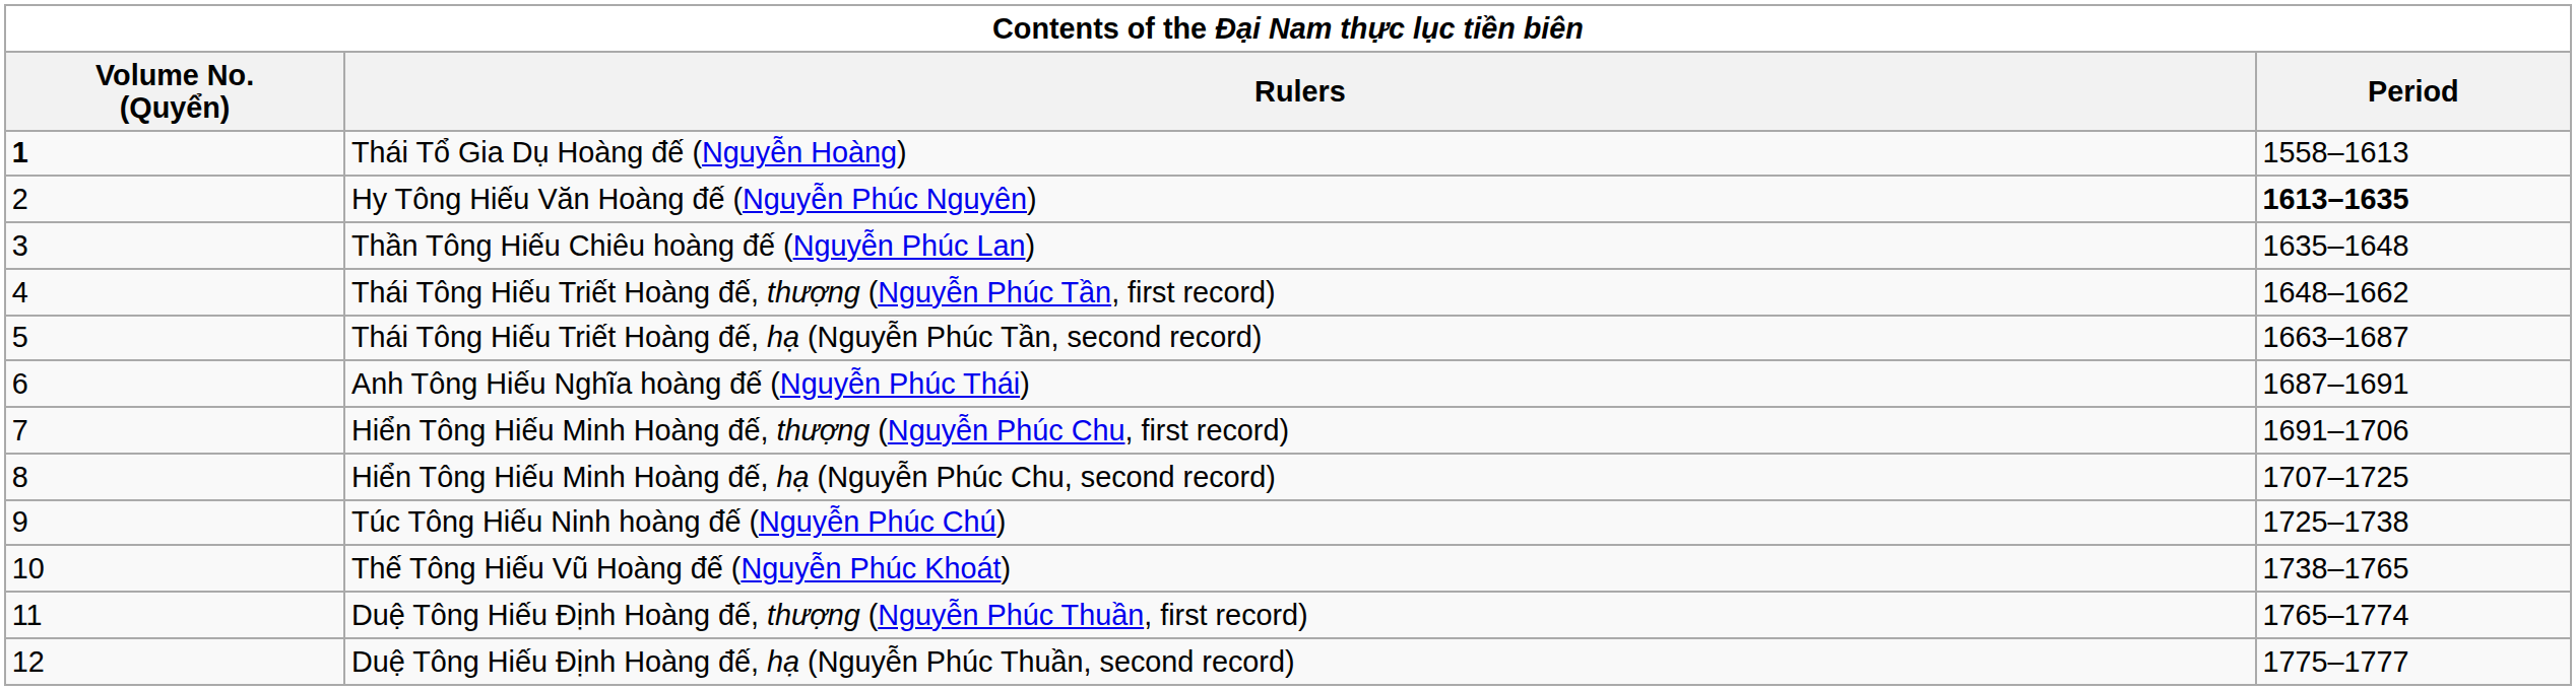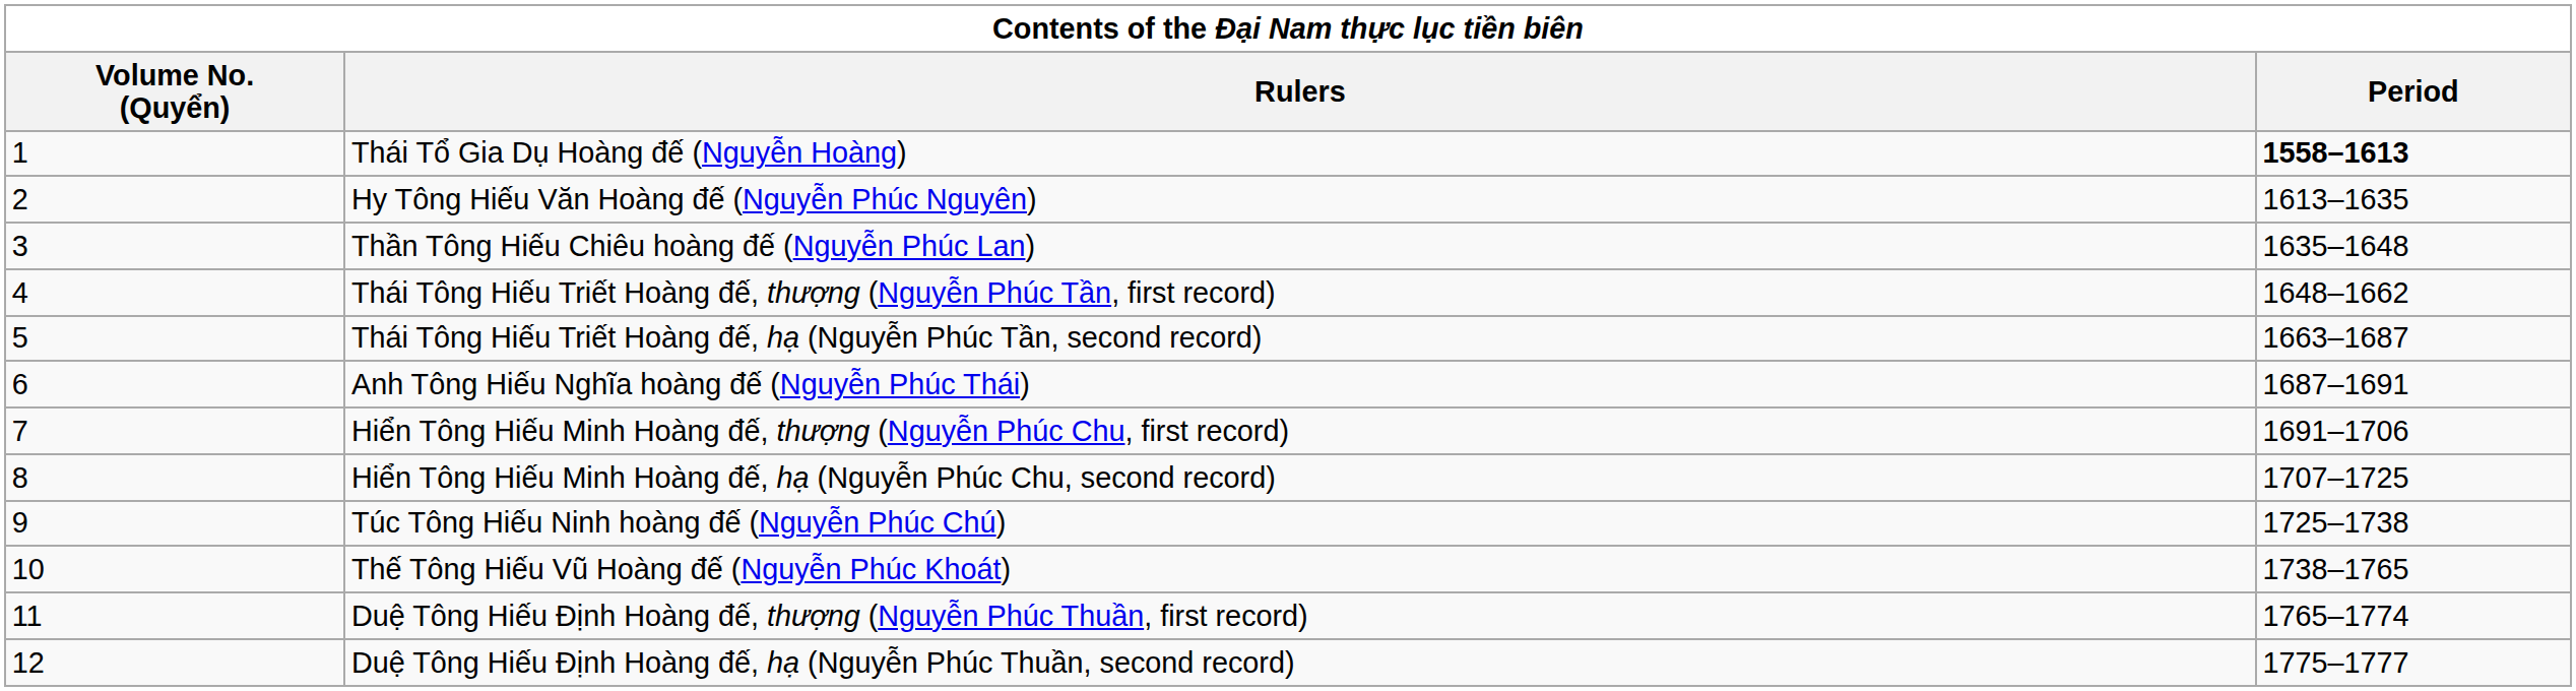 <table class="wikitable collapsible collapsed" style="clear:none; font-size:90%; padding:0 auto; width:100%; margin:auto">
 <tr>
 <th colspan=3 align="center" style="background:#FFFFFF">Contents of the <em>Đại Nam thực lục tiền biên</em></th>
 </tr>
 <tr>
 <th>Volume No.<br>(Quyển)</th>
 <th>Rulers</th>
 <th>Period</th>
 </tr>
 <tr>
-<td><strong>1</strong></td>
+<td>1</td>
 <td>Thái Tổ Gia Dụ Hoàng đế (<a href='#'>Nguyễn Hoàng</a>)</td>
-<td>1558–1613</td>
+<td><strong>1558–1613</strong></td>
 </tr>
 <tr>
 <td>2</td>
 <td>Hy Tông Hiếu Văn Hoàng đế (<a href='#'>Nguyễn Phúc Nguyên</a>)</td>
-<td><strong>1613–1635</strong></td>
+<td>1613–1635</td>
 </tr>
 <tr>
 <td>3</td>
 <td>Thần Tông Hiếu Chiêu hoàng đế (<a href='#'>Nguyễn Phúc Lan</a>)</td>
 <td>1635–1648</td>
 </tr>
 <tr>
 <td>4</td>
 <td>Thái Tông Hiếu Triết Hoàng đế, <em>thượng</em> (<a href='#'>Nguyễn Phúc Tần</a>, first record)</td>
 <td>1648–1662</td>
 </tr>
 <tr>
 <td>5</td>
 <td>Thái Tông Hiếu Triết Hoàng đế, <em>hạ</em> (Nguyễn Phúc Tần, second record)</td>
 <td>1663–1687</td>
 </tr>
 <tr>
 <td>6</td>
 <td>Anh Tông Hiếu Nghĩa hoàng đế (<a href='#'>Nguyễn Phúc Thái</a>)</td>
 <td>1687–1691</td>
 </tr>
 <tr>
 <td>7</td>
 <td>Hiển Tông Hiếu Minh Hoàng đế, <em>thượng</em> (<a href='#'>Nguyễn Phúc Chu</a>, first record)</td>
 <td>1691–1706</td>
 </tr>
 <tr>
 <td>8</td>
 <td>Hiển Tông Hiếu Minh Hoàng đế, <em>hạ</em> (Nguyễn Phúc Chu, second record)</td>
 <td>1707–1725</td>
 </tr>
 <tr>
 <td>9</td>
 <td>Túc Tông Hiếu Ninh hoàng đế (<a href='#'>Nguyễn Phúc Chú</a>)</td>
 <td>1725–1738</td>
 </tr>
 <tr>
 <td>10</td>
 <td>Thế Tông Hiếu Vũ Hoàng đế (<a href='#'>Nguyễn Phúc Khoát</a>)</td>
 <td>1738–1765</td>
 </tr>
 <tr>
 <td>11</td>
 <td>Duệ Tông Hiếu Định Hoàng đế, <em>thượng</em> (<a href='#'>Nguyễn Phúc Thuần</a>, first record)</td>
 <td>1765–1774</td>
 </tr>
 <tr>
 <td>12</td>
 <td>Duệ Tông Hiếu Định Hoàng đế, <em>hạ</em> (Nguyễn Phúc Thuần, second record)</td>
 <td>1775–1777</td>
 </tr>
 <tr>
 </tr>
 </table>
